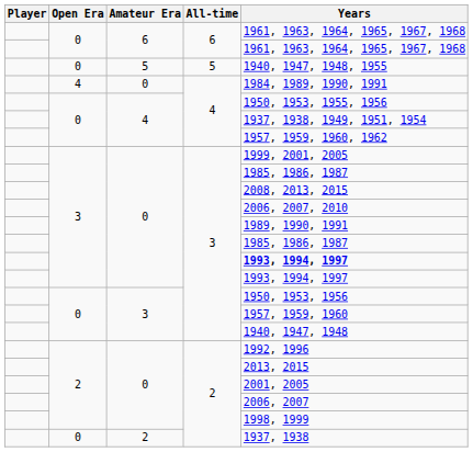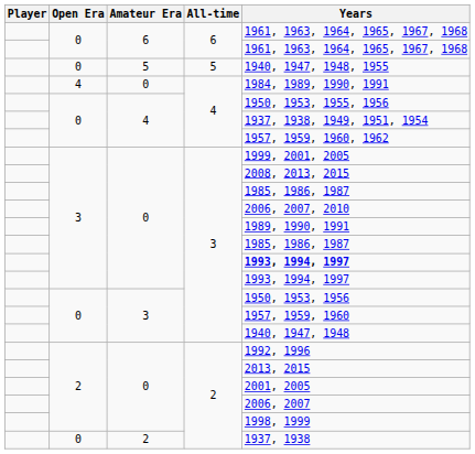 <table class="wikitable sortable">
 <tr>
 <th>Player</th>
 <th>Open Era</th>
 <th>Amateur Era</th>
 <th>All-time</th>
 <th class="unsortable">Years</th>
 </tr>
 <tr>
 <td></td>
 <td rowspan="2" align="center">0</td>
 <td rowspan="2" align="center">6</td>
 <td rowspan="2" align="center">6</td>
 <td><a href='#'>1961</a>, <a href='#'>1963</a>, <a href='#'>1964</a>, <a href='#'>1965</a>, <a href='#'>1967</a>, <a href='#'>1968</a></td>
 </tr>
 <tr>
 <td></td>
 <td><a href='#'>1961</a>, <a href='#'>1963</a>, <a href='#'>1964</a>, <a href='#'>1965</a>, <a href='#'>1967</a>, <a href='#'>1968</a></td>
 </tr>
 <tr>
 <td></td>
 <td align="center">0</td>
 <td align="center">5</td>
 <td align="center">5</td>
 <td><a href='#'>1940</a>, <a href='#'>1947</a>, <a href='#'>1948</a>, <a href='#'>1955</a></td>
 </tr>
 <tr>
 <td></td>
 <td align="center">4</td>
 <td align="center">0</td>
 <td rowspan="4" align="center">4</td>
 <td><a href='#'>1984</a>, <a href='#'>1989</a>, <a href='#'>1990</a>, <a href='#'>1991</a></td>
 </tr>
 <tr>
 <td></td>
 <td rowspan="3" align="center">0</td>
 <td rowspan="3" align="center">4</td>
 <td><a href='#'>1950</a>, <a href='#'>1953</a>, <a href='#'>1955</a>, <a href='#'>1956</a></td>
 </tr>
 <tr>
 <td></td>
 <td><a href='#'>1937</a>, <a href='#'>1938</a>, <a href='#'>1949</a>, <a href='#'>1951</a>, <a href='#'>1954</a></td>
 </tr>
 <tr>
 <td></td>
 <td><a href='#'>1957</a>, <a href='#'>1959</a>, <a href='#'>1960</a>, <a href='#'>1962</a></td>
 </tr>
 <tr>
 <td></td>
 <td rowspan="8" align="center">3</td>
 <td rowspan="8" align="center">0</td>
 <td rowspan="11" align="center">3</td>
 <td><a href='#'>1999</a>, <a href='#'>2001</a>, <a href='#'>2005</a></td>
 </tr>
 <tr>
 <td></td>
-<td><a href='#'>1985</a>, <a href='#'>1986</a>, <a href='#'>1987</a></td>
+<td><a href='#'>2008</a>, <a href='#'>2013</a>, <a href='#'>2015</a></td>
 </tr>
 <tr>
 <td></td>
-<td><a href='#'>2008</a>, <a href='#'>2013</a>, <a href='#'>2015</a></td>
+<td><a href='#'>1985</a>, <a href='#'>1986</a>, <a href='#'>1987</a></td>
 </tr>
 <tr>
 <td></td>
 <td><a href='#'>2006</a>, <a href='#'>2007</a>, <a href='#'>2010</a></td>
 </tr>
 <tr>
 <td></td>
 <td><a href='#'>1989</a>, <a href='#'>1990</a>, <a href='#'>1991</a></td>
 </tr>
 <tr>
 <td></td>
 <td><a href='#'>1985</a>, <a href='#'>1986</a>, <a href='#'>1987</a></td>
 </tr>
 <tr>
 <td></td>
 <td><strong><a href='#'>1993</a>, <a href='#'>1994</a>, <a href='#'>1997</a></strong></td>
 </tr>
 <tr>
 <td></td>
 <td><a href='#'>1993</a>, <a href='#'>1994</a>, <a href='#'>1997</a></td>
 </tr>
 <tr>
 <td></td>
 <td rowspan="3" align="center">0</td>
 <td rowspan="3" align="center">3</td>
 <td><a href='#'>1950</a>, <a href='#'>1953</a>, <a href='#'>1956</a></td>
 </tr>
 <tr>
 <td></td>
 <td><a href='#'>1957</a>, <a href='#'>1959</a>, <a href='#'>1960</a></td>
 </tr>
 <tr>
 <td></td>
 <td><a href='#'>1940</a>, <a href='#'>1947</a>, <a href='#'>1948</a></td>
 </tr>
 <tr>
 <td></td>
 <td rowspan="5" align="center">2</td>
 <td rowspan="5" align="center">0</td>
 <td rowspan="6" align="center">2</td>
 <td><a href='#'>1992</a>, <a href='#'>1996</a></td>
 </tr>
 <tr>
 <td></td>
 <td><a href='#'>2013</a>, <a href='#'>2015</a></td>
 </tr>
 <tr>
 <td></td>
 <td><a href='#'>2001</a>, <a href='#'>2005</a></td>
 </tr>
 <tr>
 <td></td>
 <td><a href='#'>2006</a>, <a href='#'>2007</a></td>
 </tr>
 <tr>
 <td></td>
 <td><a href='#'>1998</a>, <a href='#'>1999</a></td>
 </tr>
 <tr>
 <td></td>
 <td align="center">0</td>
 <td align="center">2</td>
 <td><a href='#'>1937</a>, <a href='#'>1938</a></td>
 </tr>
 </table>
